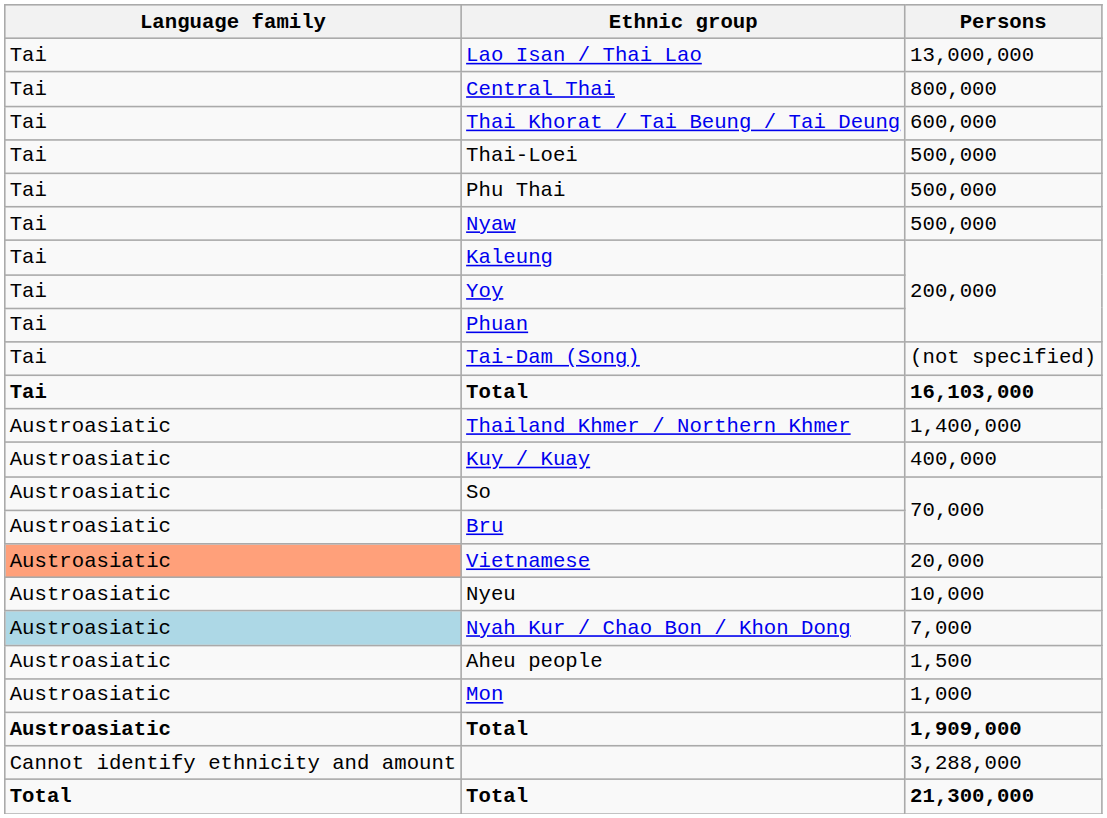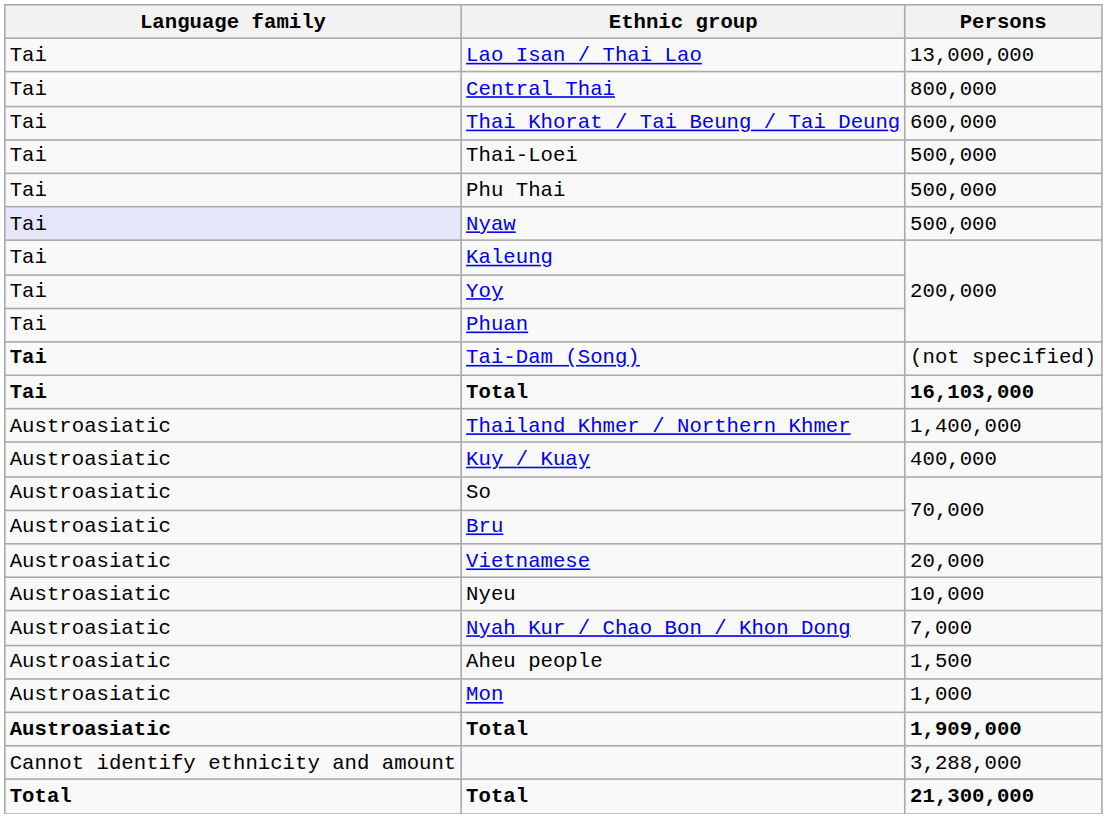 <table class="wikitable sortable">
 <tr>
 <th>Language family</th>
 <th>Ethnic group</th>
 <th>Persons</th>
 </tr>
 <tr>
 <td>Tai</td>
 <td><a href='#'>Lao Isan / Thai Lao</a></td>
 <td>13,000,000</td>
 </tr>
 <tr>
 <td>Tai</td>
 <td><a href='#'>Central Thai</a></td>
 <td>800,000</td>
 </tr>
 <tr>
 <td>Tai</td>
 <td><a href='#'>Thai Khorat / Tai Beung / Tai Deung</a></td>
 <td>600,000</td>
 </tr>
 <tr>
 <td>Tai</td>
 <td>Thai-Loei</td>
 <td>500,000</td>
 </tr>
 <tr>
 <td>Tai</td>
 <td>Phu Thai</td>
 <td>500,000</td>
 </tr>
 <tr>
-<td>Tai</td>
+<td style="background: lavender;">Tai</td>
 <td><a href='#'>Nyaw</a></td>
 <td>500,000</td>
 </tr>
 <tr>
 <td>Tai</td>
 <td><a href='#'>Kaleung</a></td>
 <td rowspan="3">200,000</td>
 </tr>
 <tr>
 <td>Tai</td>
 <td><a href='#'>Yoy</a></td>
 </tr>
 <tr>
 <td>Tai</td>
 <td><a href='#'>Phuan</a></td>
 </tr>
 <tr>
-<td>Tai</td>
+<td><strong>Tai</strong></td>
 <td><a href='#'>Tai-Dam (Song)</a></td>
 <td>(not specified)</td>
 </tr>
 <tr>
 <td><strong>Tai</strong></td>
 <td><strong>Total</strong></td>
 <td><strong>16,103,000</strong></td>
 </tr>
 <tr>
 <td>Austroasiatic</td>
 <td><a href='#'>Thailand Khmer / Northern Khmer</a></td>
 <td>1,400,000</td>
 </tr>
 <tr>
 <td>Austroasiatic</td>
 <td><a href='#'>Kuy / Kuay</a></td>
 <td>400,000</td>
 </tr>
 <tr>
 <td>Austroasiatic</td>
 <td>So</td>
 <td rowspan="2">70,000</td>
 </tr>
 <tr>
 <td>Austroasiatic</td>
 <td><a href='#'>Bru</a></td>
 </tr>
 <tr>
-<td style="background: lightsalmon;">Austroasiatic</td>
+<td>Austroasiatic</td>
 <td><a href='#'>Vietnamese</a></td>
 <td>20,000</td>
 </tr>
 <tr>
 <td>Austroasiatic</td>
 <td>Nyeu</td>
 <td>10,000</td>
 </tr>
 <tr>
-<td style="background: lightblue;">Austroasiatic</td>
+<td>Austroasiatic</td>
 <td><a href='#'>Nyah Kur / Chao Bon / Khon Dong</a></td>
 <td>7,000</td>
 </tr>
 <tr>
 <td>Austroasiatic</td>
 <td>Aheu people</td>
 <td>1,500</td>
 </tr>
 <tr>
 <td>Austroasiatic</td>
 <td><a href='#'>Mon</a></td>
 <td>1,000</td>
 </tr>
 <tr>
 <td><strong>Austroasiatic</strong></td>
 <td><strong>Total</strong></td>
 <td><strong>1,909,000</strong></td>
 </tr>
 <tr>
 <td>Cannot identify ethnicity and amount</td>
 <td></td>
 <td>3,288,000</td>
 </tr>
 <tr>
 <td><strong>Total</strong></td>
 <td><strong>Total</strong></td>
 <td><strong>21,300,000</strong></td>
 </tr>
 </table>
